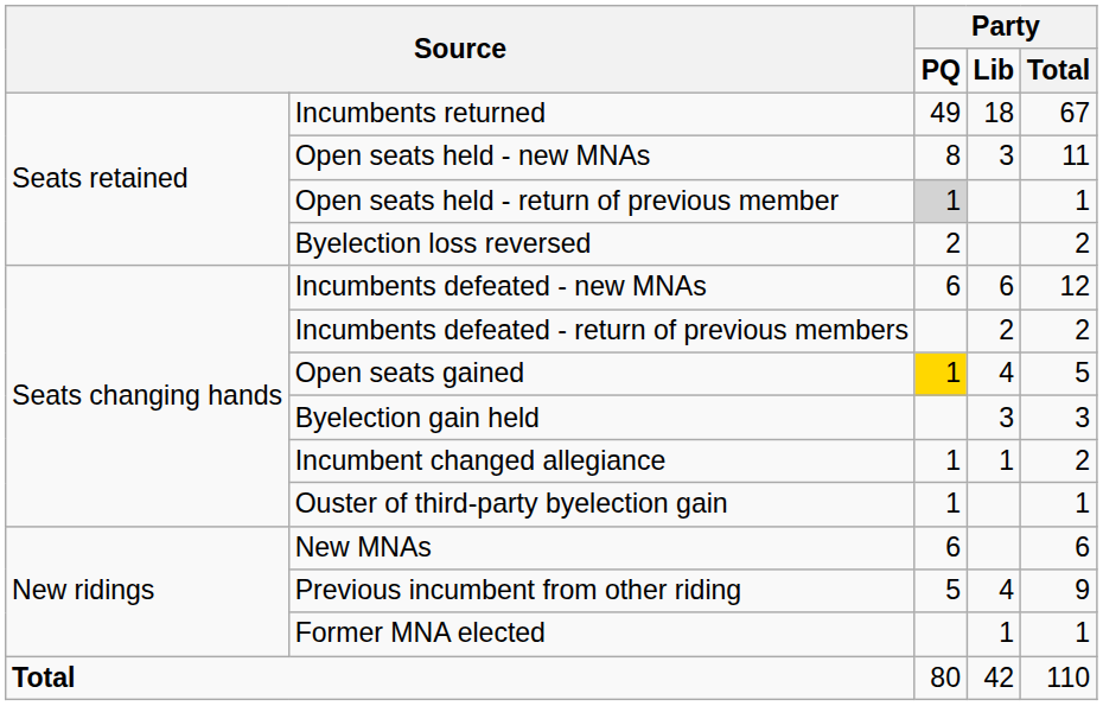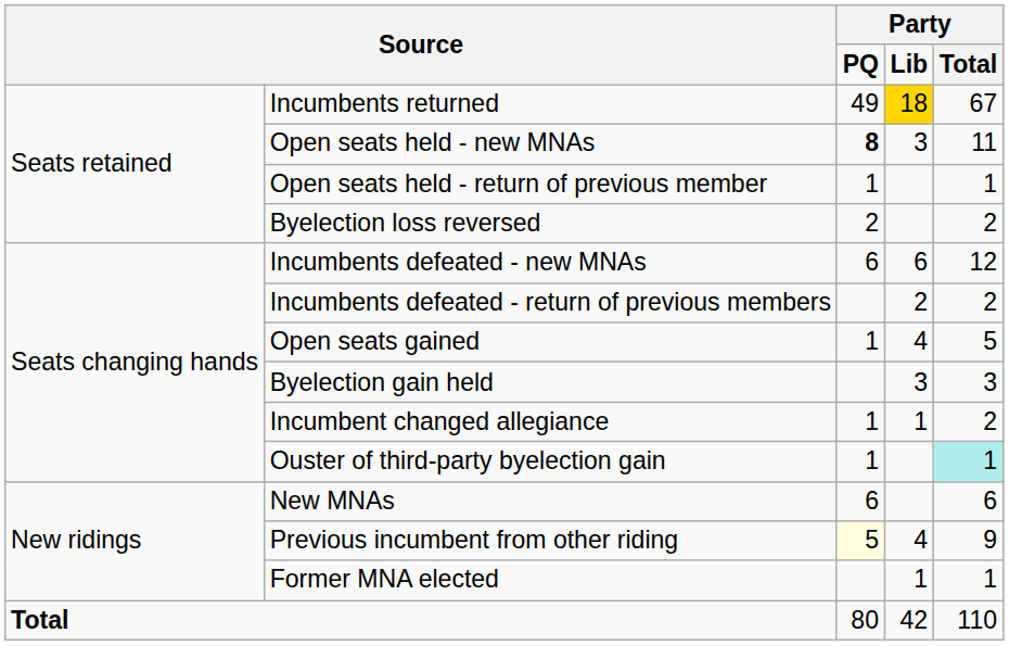 <table class="wikitable" style="text-align:right;">
 <tr>
 <th colspan="2" rowspan="2">Source</th>
 <th colspan="6">Party</th>
 </tr>
 <tr>
 <td><strong>PQ</strong></td>
 <td><strong>Lib</strong></td>
 <th>Total</th>
 </tr>
 <tr>
 <td rowspan="4" style="text-align:left;">Seats retained</td>
 <td style="text-align:left;">Incumbents returned</td>
 <td>49</td>
-<td>18</td>
+<td style="background: gold;">18</td>
 <td>67</td>
 </tr>
 <tr>
 <td style="text-align:left;">Open seats held - new MNAs</td>
-<td>8</td>
+<td><strong>8</strong></td>
 <td>3</td>
 <td>11</td>
 </tr>
 <tr>
 <td style="text-align:left;">Open seats held - return of previous member</td>
-<td style="background: lightgrey;">1</td>
+<td>1</td>
 <td></td>
 <td>1</td>
 </tr>
 <tr>
 <td style="text-align:left;">Byelection loss reversed</td>
 <td>2</td>
 <td></td>
 <td>2</td>
 </tr>
 <tr>
 <td rowspan="6" style="text-align:left;">Seats changing hands</td>
 <td style="text-align:left;">Incumbents defeated - new MNAs</td>
 <td>6</td>
 <td>6</td>
 <td>12</td>
 </tr>
 <tr>
 <td style="text-align:left;">Incumbents defeated - return of previous members</td>
 <td></td>
 <td>2</td>
 <td>2</td>
 </tr>
 <tr>
 <td style="text-align:left;">Open seats gained</td>
-<td style="background: gold;">1</td>
+<td>1</td>
 <td>4</td>
 <td>5</td>
 </tr>
 <tr>
 <td style="text-align:left;">Byelection gain held</td>
 <td></td>
 <td>3</td>
 <td>3</td>
 </tr>
 <tr>
 <td style="text-align:left;">Incumbent changed allegiance</td>
 <td>1</td>
 <td>1</td>
 <td>2</td>
 </tr>
 <tr>
 <td style="text-align:left;">Ouster of third-party byelection gain</td>
 <td>1</td>
 <td></td>
-<td>1</td>
+<td style="background: paleturquoise;">1</td>
 </tr>
 <tr>
 <td rowspan="3" style="text-align:left;">New ridings</td>
 <td style="text-align:left;">New MNAs</td>
 <td>6</td>
 <td></td>
 <td>6</td>
 </tr>
 <tr>
 <td style="text-align:left;">Previous incumbent from other riding</td>
-<td>5</td>
+<td style="background: lightyellow;">5</td>
 <td>4</td>
 <td>9</td>
 </tr>
 <tr>
 <td style="text-align:left;">Former MNA elected</td>
 <td></td>
 <td>1</td>
 <td>1</td>
 </tr>
 <tr>
 <td colspan="2" style="text-align:left;"><strong>Total</strong></td>
 <td>80</td>
 <td>42</td>
 <td>110</td>
 </tr>
 </table>
